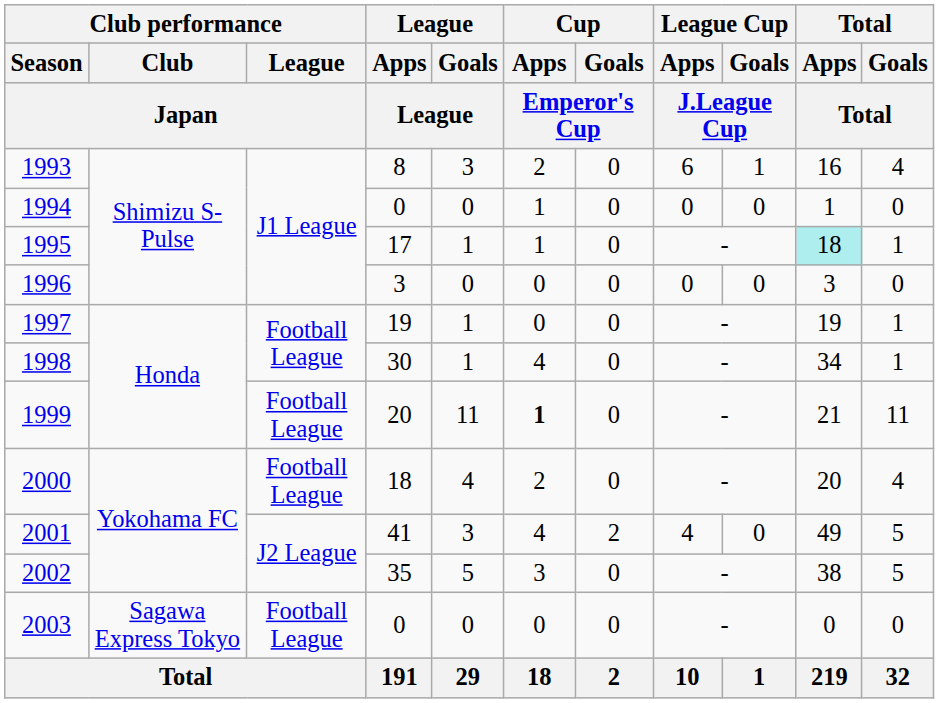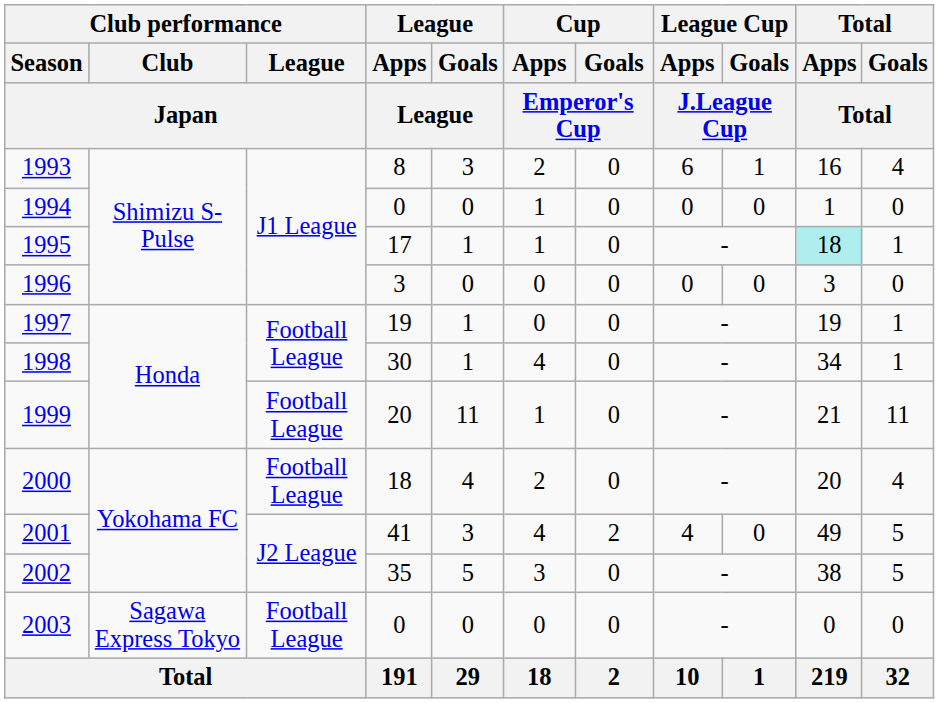 <table class="wikitable" style="text-align:center;">
 <tr>
 <th colspan=3>Club performance</th>
 <th colspan=2>League</th>
 <th colspan=2>Cup</th>
 <th colspan=2>League Cup</th>
 <th colspan=2>Total</th>
 </tr>
 <tr>
 <th>Season</th>
 <th>Club</th>
 <th>League</th>
 <th>Apps</th>
 <th>Goals</th>
 <th>Apps</th>
 <th>Goals</th>
 <th>Apps</th>
 <th>Goals</th>
 <th>Apps</th>
 <th>Goals</th>
 </tr>
 <tr>
 <th colspan=3>Japan</th>
 <th colspan=2>League</th>
 <th colspan=2><a href='#'>Emperor's Cup</a></th>
 <th colspan=2><a href='#'>J.League Cup</a></th>
 <th colspan=2>Total</th>
 </tr>
 <tr>
 <td><a href='#'>1993</a></td>
 <td rowspan="4"><a href='#'>Shimizu S-Pulse</a></td>
 <td rowspan="4"><a href='#'>J1 League</a></td>
 <td>8</td>
 <td>3</td>
 <td>2</td>
 <td>0</td>
 <td>6</td>
 <td>1</td>
 <td>16</td>
 <td>4</td>
 </tr>
 <tr>
 <td><a href='#'>1994</a></td>
 <td>0</td>
 <td>0</td>
 <td>1</td>
 <td>0</td>
 <td>0</td>
 <td>0</td>
 <td>1</td>
 <td>0</td>
 </tr>
 <tr>
 <td><a href='#'>1995</a></td>
 <td>17</td>
 <td>1</td>
 <td>1</td>
 <td>0</td>
 <td colspan="2">-</td>
 <td style="background: paleturquoise;">18</td>
 <td>1</td>
 </tr>
 <tr>
 <td><a href='#'>1996</a></td>
 <td>3</td>
 <td>0</td>
 <td>0</td>
 <td>0</td>
 <td>0</td>
 <td>0</td>
 <td>3</td>
 <td>0</td>
 </tr>
 <tr>
 <td><a href='#'>1997</a></td>
 <td rowspan="3"><a href='#'>Honda</a></td>
 <td rowspan="2"><a href='#'>Football League</a></td>
 <td>19</td>
 <td>1</td>
 <td>0</td>
 <td>0</td>
 <td colspan="2">-</td>
 <td>19</td>
 <td>1</td>
 </tr>
 <tr>
 <td><a href='#'>1998</a></td>
 <td>30</td>
 <td>1</td>
 <td>4</td>
 <td>0</td>
 <td colspan="2">-</td>
 <td>34</td>
 <td>1</td>
 </tr>
 <tr>
 <td><a href='#'>1999</a></td>
 <td><a href='#'>Football League</a></td>
 <td>20</td>
 <td>11</td>
-<td><strong>1</strong></td>
+<td>1</td>
 <td>0</td>
 <td colspan="2">-</td>
 <td>21</td>
 <td>11</td>
 </tr>
 <tr>
 <td><a href='#'>2000</a></td>
 <td rowspan="3"><a href='#'>Yokohama FC</a></td>
 <td><a href='#'>Football League</a></td>
 <td>18</td>
 <td>4</td>
 <td>2</td>
 <td>0</td>
 <td colspan="2">-</td>
 <td>20</td>
 <td>4</td>
 </tr>
 <tr>
 <td><a href='#'>2001</a></td>
 <td rowspan="2"><a href='#'>J2 League</a></td>
 <td>41</td>
 <td>3</td>
 <td>4</td>
 <td>2</td>
 <td>4</td>
 <td>0</td>
 <td>49</td>
 <td>5</td>
 </tr>
 <tr>
 <td><a href='#'>2002</a></td>
 <td>35</td>
 <td>5</td>
 <td>3</td>
 <td>0</td>
 <td colspan="2">-</td>
 <td>38</td>
 <td>5</td>
 </tr>
 <tr>
 <td><a href='#'>2003</a></td>
 <td><a href='#'>Sagawa Express Tokyo</a></td>
 <td><a href='#'>Football League</a></td>
 <td>0</td>
 <td>0</td>
 <td>0</td>
 <td>0</td>
 <td colspan="2">-</td>
 <td>0</td>
 <td>0</td>
 </tr>
 <tr>
 <th colspan=3>Total</th>
 <th>191</th>
 <th>29</th>
 <th>18</th>
 <th>2</th>
 <th>10</th>
 <th>1</th>
 <th>219</th>
 <th>32</th>
 </tr>
 </table>
